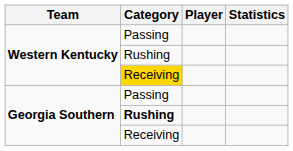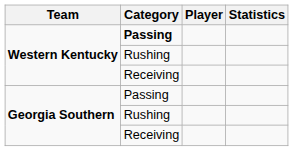 <table class="wikitable" style="float: right;">
 <tr>
 <th>Team</th>
 <th>Category</th>
 <th>Player</th>
 <th>Statistics</th>
 </tr>
 <tr>
 <td rowspan=3><strong>Western Kentucky</strong></td>
+<td><strong>Passing</strong></td>
+<td></td>
+<td></td>
+</tr>
+<tr>
+<td>Rushing</td>
+<td></td>
+<td></td>
+</tr>
+<tr>
+<td>Receiving</td>
+<td></td>
+<td></td>
+</tr>
+<tr>
+<td rowspan=3><strong>Georgia Southern</strong></td>
 <td>Passing</td>
 <td></td>
 <td></td>
 </tr>
 <tr>
 <td>Rushing</td>
 <td></td>
 <td></td>
 </tr>
 <tr>
-<td style="background: gold;">Receiving</td>
-<td></td>
-<td></td>
-</tr>
-<tr>
-<td rowspan=3><strong>Georgia Southern</strong></td>
-<td>Passing</td>
-<td></td>
-<td></td>
-</tr>
-<tr>
-<td><strong>Rushing</strong></td>
-<td></td>
-<td></td>
-</tr>
-<tr>
 <td>Receiving</td>
 <td></td>
 <td></td>
 </tr>
 </table>
